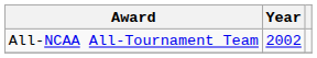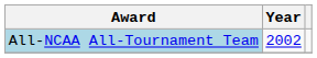 <table class="wikitable">
 <tr>
 <th>Award</th>
 <th>Year</th>
 <th></th>
 </tr>
 <tr>
-<td>All-<a href='#'>NCAA</a> <a href='#'>All-Tournament Team</a></td>
+<td style="background: lightblue;">All-<a href='#'>NCAA</a> <a href='#'>All-Tournament Team</a></td>
 <td><a href='#'>2002</a></td>
 <td></td>
 </tr>
 <tr>
 </tr>
 </table>
